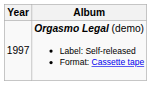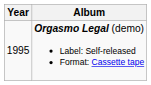 <table class="wikitable">
 <tr>
 <th>Year</th>
 <th>Album</th>
 </tr>
 <tr>
-<td>1997</td>
+<td>1995</td>
 <td><strong><em>Orgasmo Legal</em></strong> (demo)<br><ul><li><small>Label: Self-released</small></li><li><small>Format: <a href='#'>Cassette tape</a></small></li></ul></td>
 </tr>
 </table>
